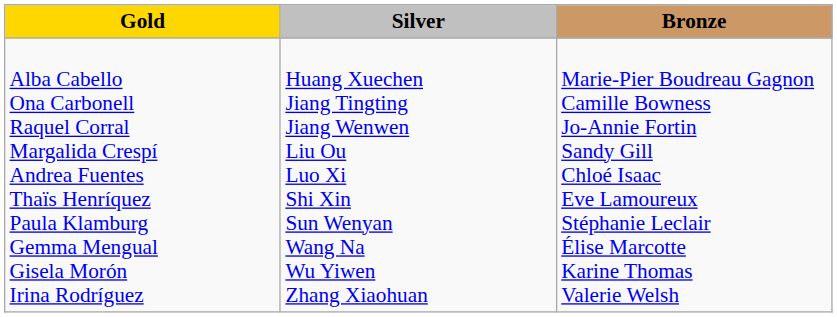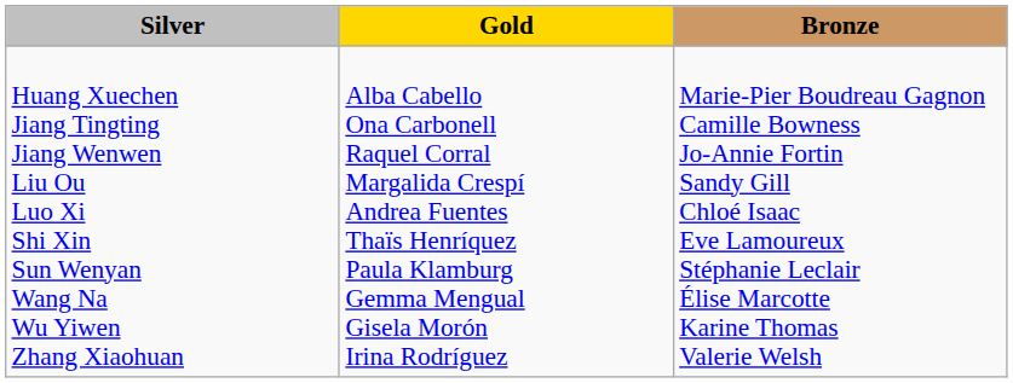 <table class="wikitable" style="text-align:left">
 <tr align="center">
+<td width=200 bgcolor=silver><strong>Silver</strong></td>
 <td width=200 bgcolor=gold><strong>Gold</strong></td>
-<td width=200 bgcolor=silver><strong>Silver</strong></td>
 <td width=200 bgcolor=CC9966><strong>Bronze</strong></td>
 </tr>
 <tr>
+<td> <br> <a href='#'>Huang Xuechen</a> <br> <a href='#'>Jiang Tingting</a> <br> <a href='#'>Jiang Wenwen</a> <br> <a href='#'>Liu Ou</a> <br> <a href='#'>Luo Xi</a> <br> <a href='#'>Shi Xin</a> <br> <a href='#'>Sun Wenyan</a> <br> <a href='#'>Wang Na</a> <br> <a href='#'>Wu Yiwen</a> <br> <a href='#'>Zhang Xiaohuan</a></td>
 <td> <br> <a href='#'>Alba Cabello</a> <br> <a href='#'>Ona Carbonell</a> <br> <a href='#'>Raquel Corral</a> <br> <a href='#'>Margalida Crespí</a> <br> <a href='#'>Andrea Fuentes</a> <br> <a href='#'>Thaïs Henríquez</a> <br> <a href='#'>Paula Klamburg</a> <br> <a href='#'>Gemma Mengual</a> <br> <a href='#'>Gisela Morón</a> <br> <a href='#'>Irina Rodríguez</a></td>
-<td> <br> <a href='#'>Huang Xuechen</a> <br> <a href='#'>Jiang Tingting</a> <br> <a href='#'>Jiang Wenwen</a> <br> <a href='#'>Liu Ou</a> <br> <a href='#'>Luo Xi</a> <br> <a href='#'>Shi Xin</a> <br> <a href='#'>Sun Wenyan</a> <br> <a href='#'>Wang Na</a> <br> <a href='#'>Wu Yiwen</a> <br> <a href='#'>Zhang Xiaohuan</a></td>
 <td> <br> <a href='#'>Marie-Pier Boudreau Gagnon</a> <br> <a href='#'>Camille Bowness</a> <br> <a href='#'>Jo-Annie Fortin</a> <br> <a href='#'>Sandy Gill</a> <br> <a href='#'>Chloé Isaac</a> <br> <a href='#'>Eve Lamoureux</a> <br> <a href='#'>Stéphanie Leclair</a> <br> <a href='#'>Élise Marcotte</a> <br> <a href='#'>Karine Thomas</a> <br> <a href='#'>Valerie Welsh</a></td>
 </tr>
 </table>
